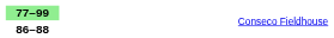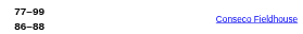 <table style="text-align:center">
 <tr>
 <th width=200></th>
 <th width=30></th>
 <th width=70></th>
 <th width=30></th>
 <th width=200></th>
 <th></th>
 </tr>
 <tr>
 <td align=right><strong></strong></td>
 <td></td>
-<td style="background: lightgreen;"><strong> 77–99 </strong></td>
+<td><strong> 77–99 </strong></td>
 <td></td>
 <td align=left><strong></strong></td>
 <td align=left rowspan=2><small><a href='#'>Conseco Fieldhouse</a></small></td>
 </tr>
 <tr>
 <td align=right><strong></strong></td>
 <td></td>
 <td><strong>86–88</strong></td>
 <td></td>
 <td align=left><strong></strong></td>
 </tr>
 </table>
